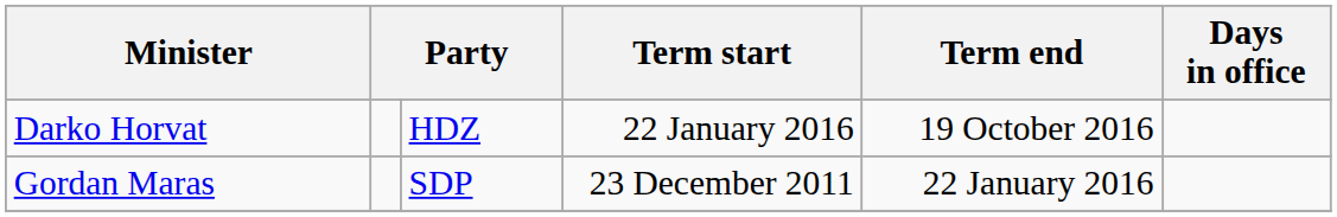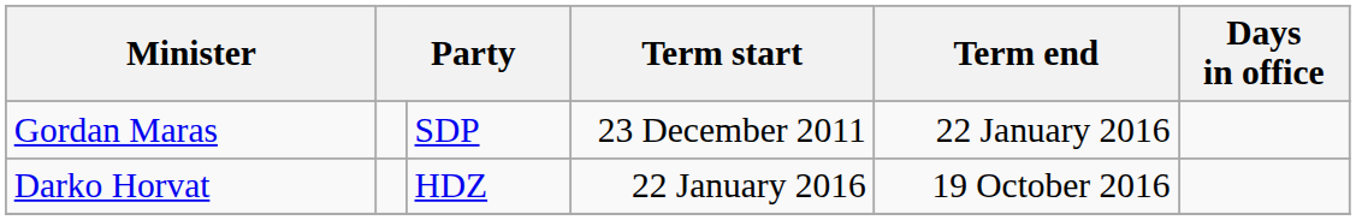 <table class="wikitable" style="text-align: left;">
 <tr>
 <th width="160">Minister</th>
 <th colspan=2 width="80">Party</th>
 <th width="130">Term start</th>
 <th width="130">Term end</th>
 <th width=70>Days<br> in office</th>
+</tr>
+<tr>
+<td><a href='#'>Gordan Maras</a></td>
+<td style="background-color: "></td>
+<td><a href='#'>SDP</a></td>
+<td align=right>23 December 2011</td>
+<td align=right>22 January 2016</td>
+<td align=right></td>
 </tr>
 <tr>
 <td><a href='#'>Darko Horvat</a></td>
 <td style="background-color: "></td>
 <td><a href='#'>HDZ</a></td>
 <td align=right>22 January 2016</td>
 <td align=right>19 October 2016</td>
 <td align=right></td>
 </tr>
 <tr>
-<td><a href='#'>Gordan Maras</a></td>
-<td style="background-color: "></td>
-<td><a href='#'>SDP</a></td>
-<td align=right>23 December 2011</td>
-<td align=right>22 January 2016</td>
-<td align=right></td>
-</tr>
-<tr>
 </tr>
 </table>
